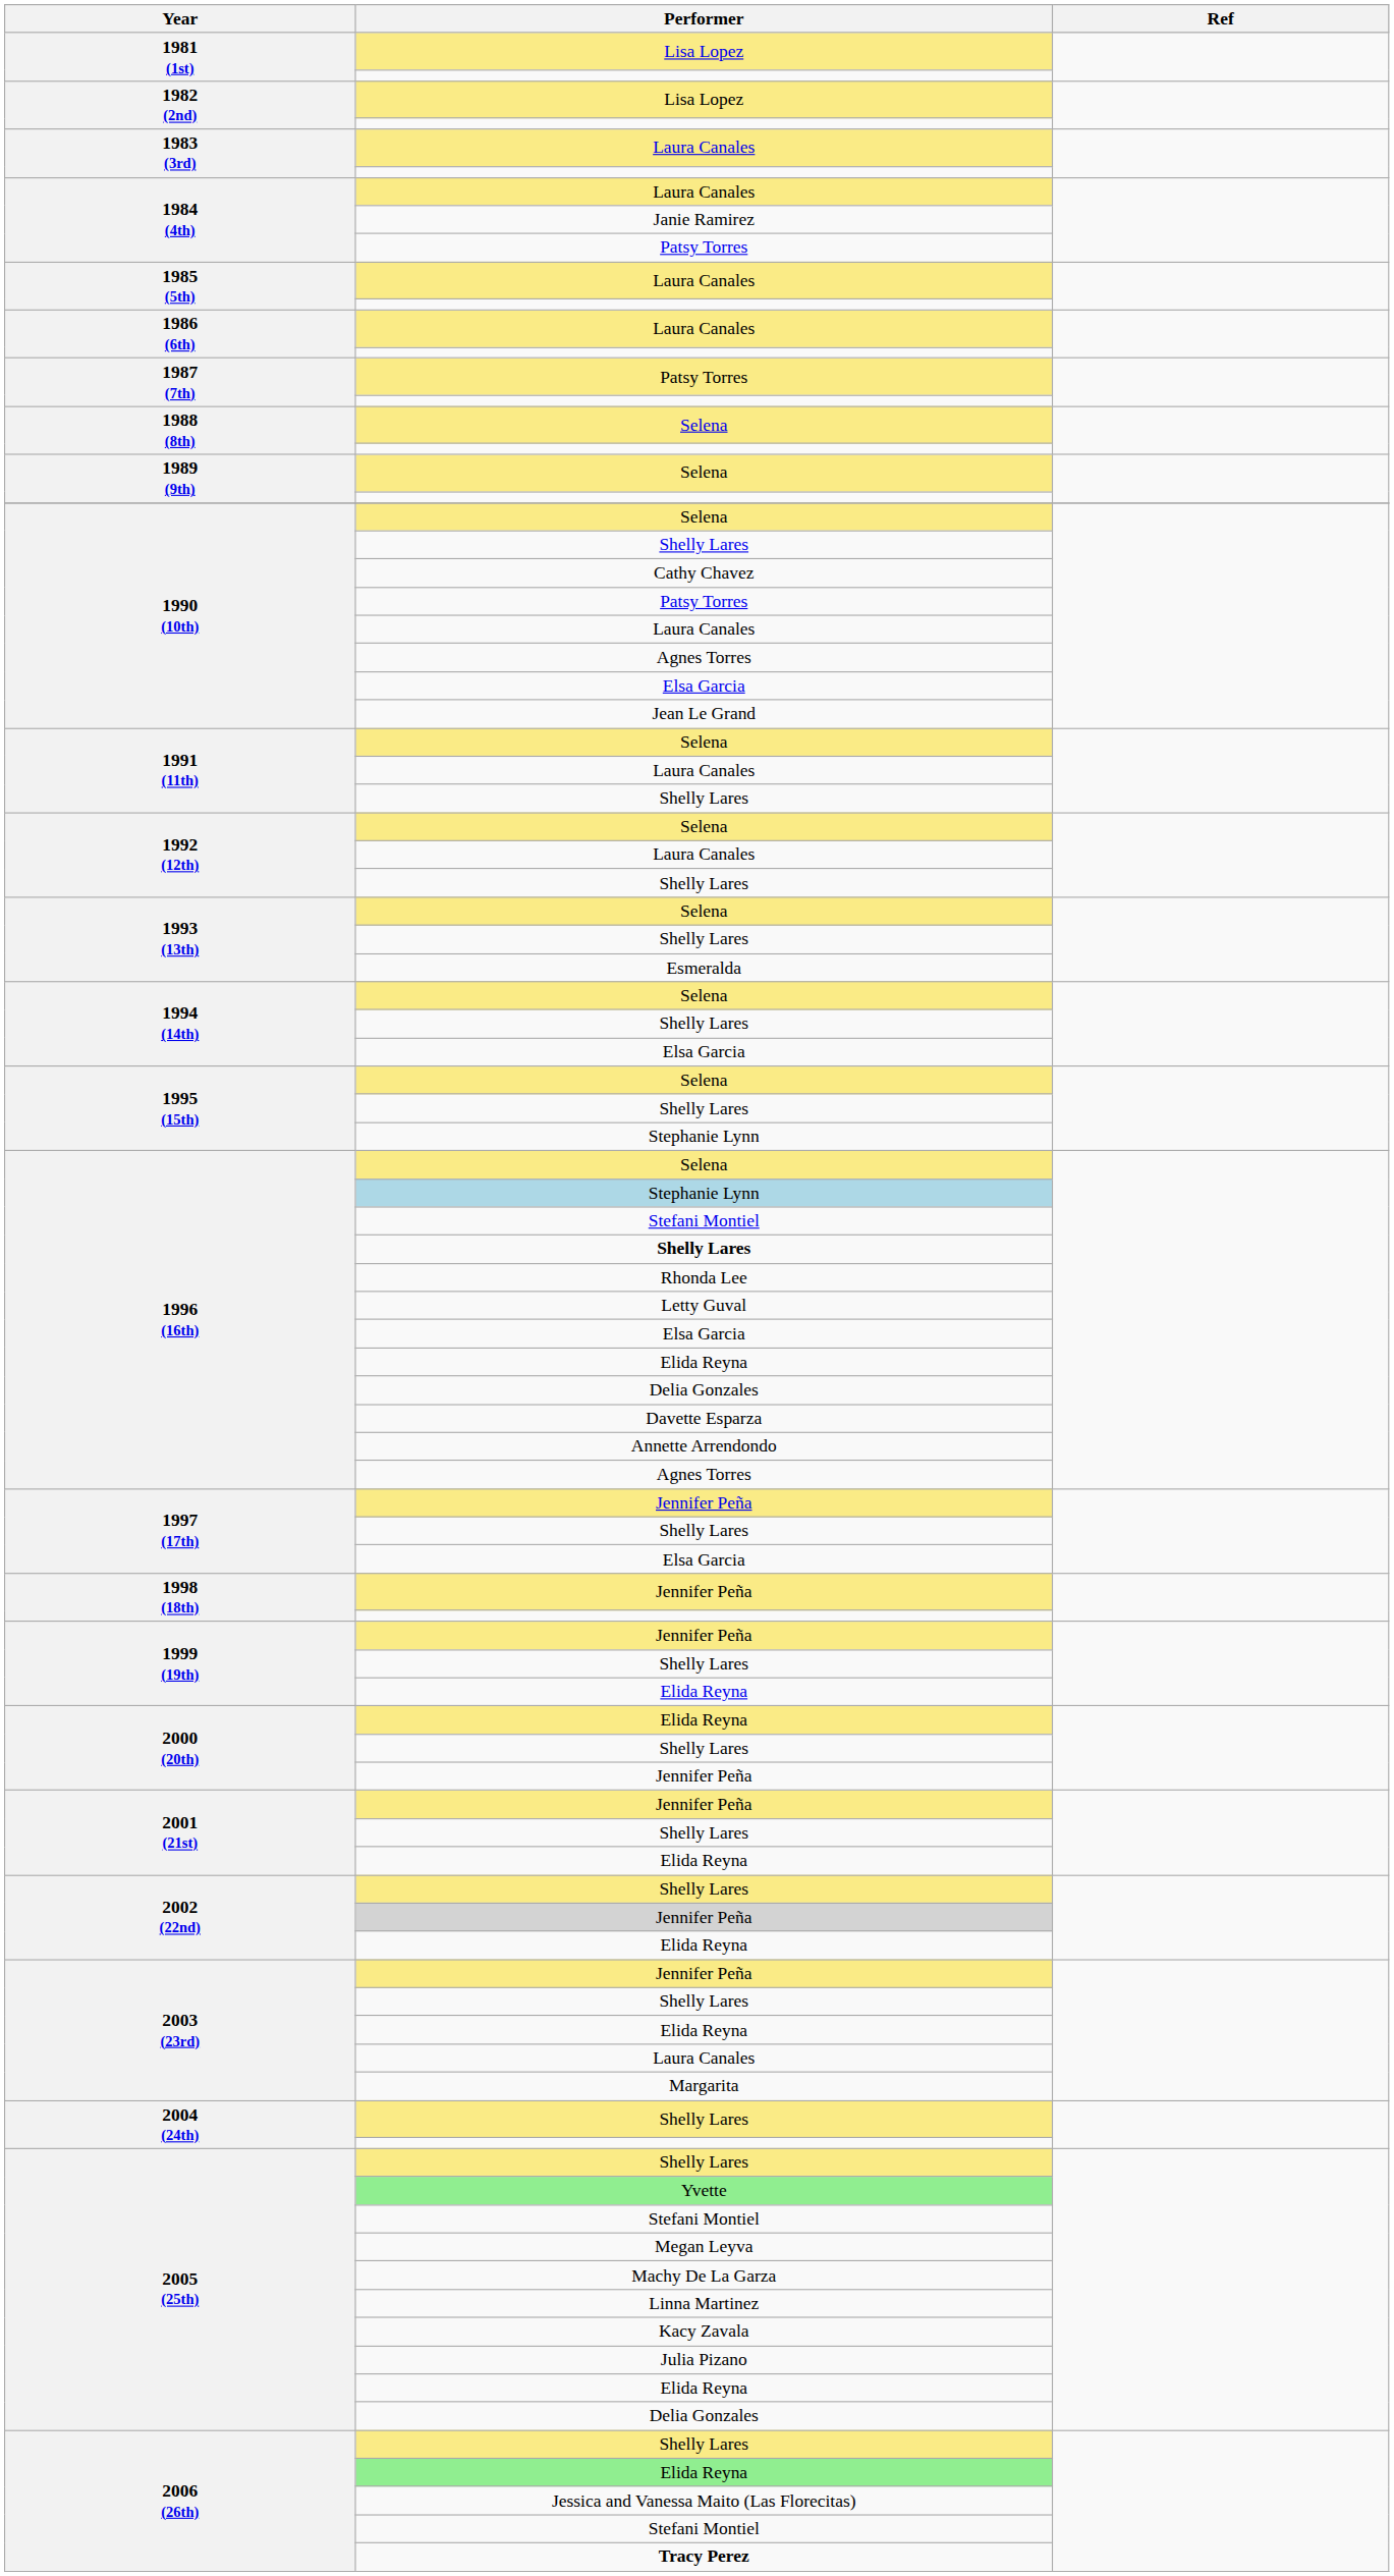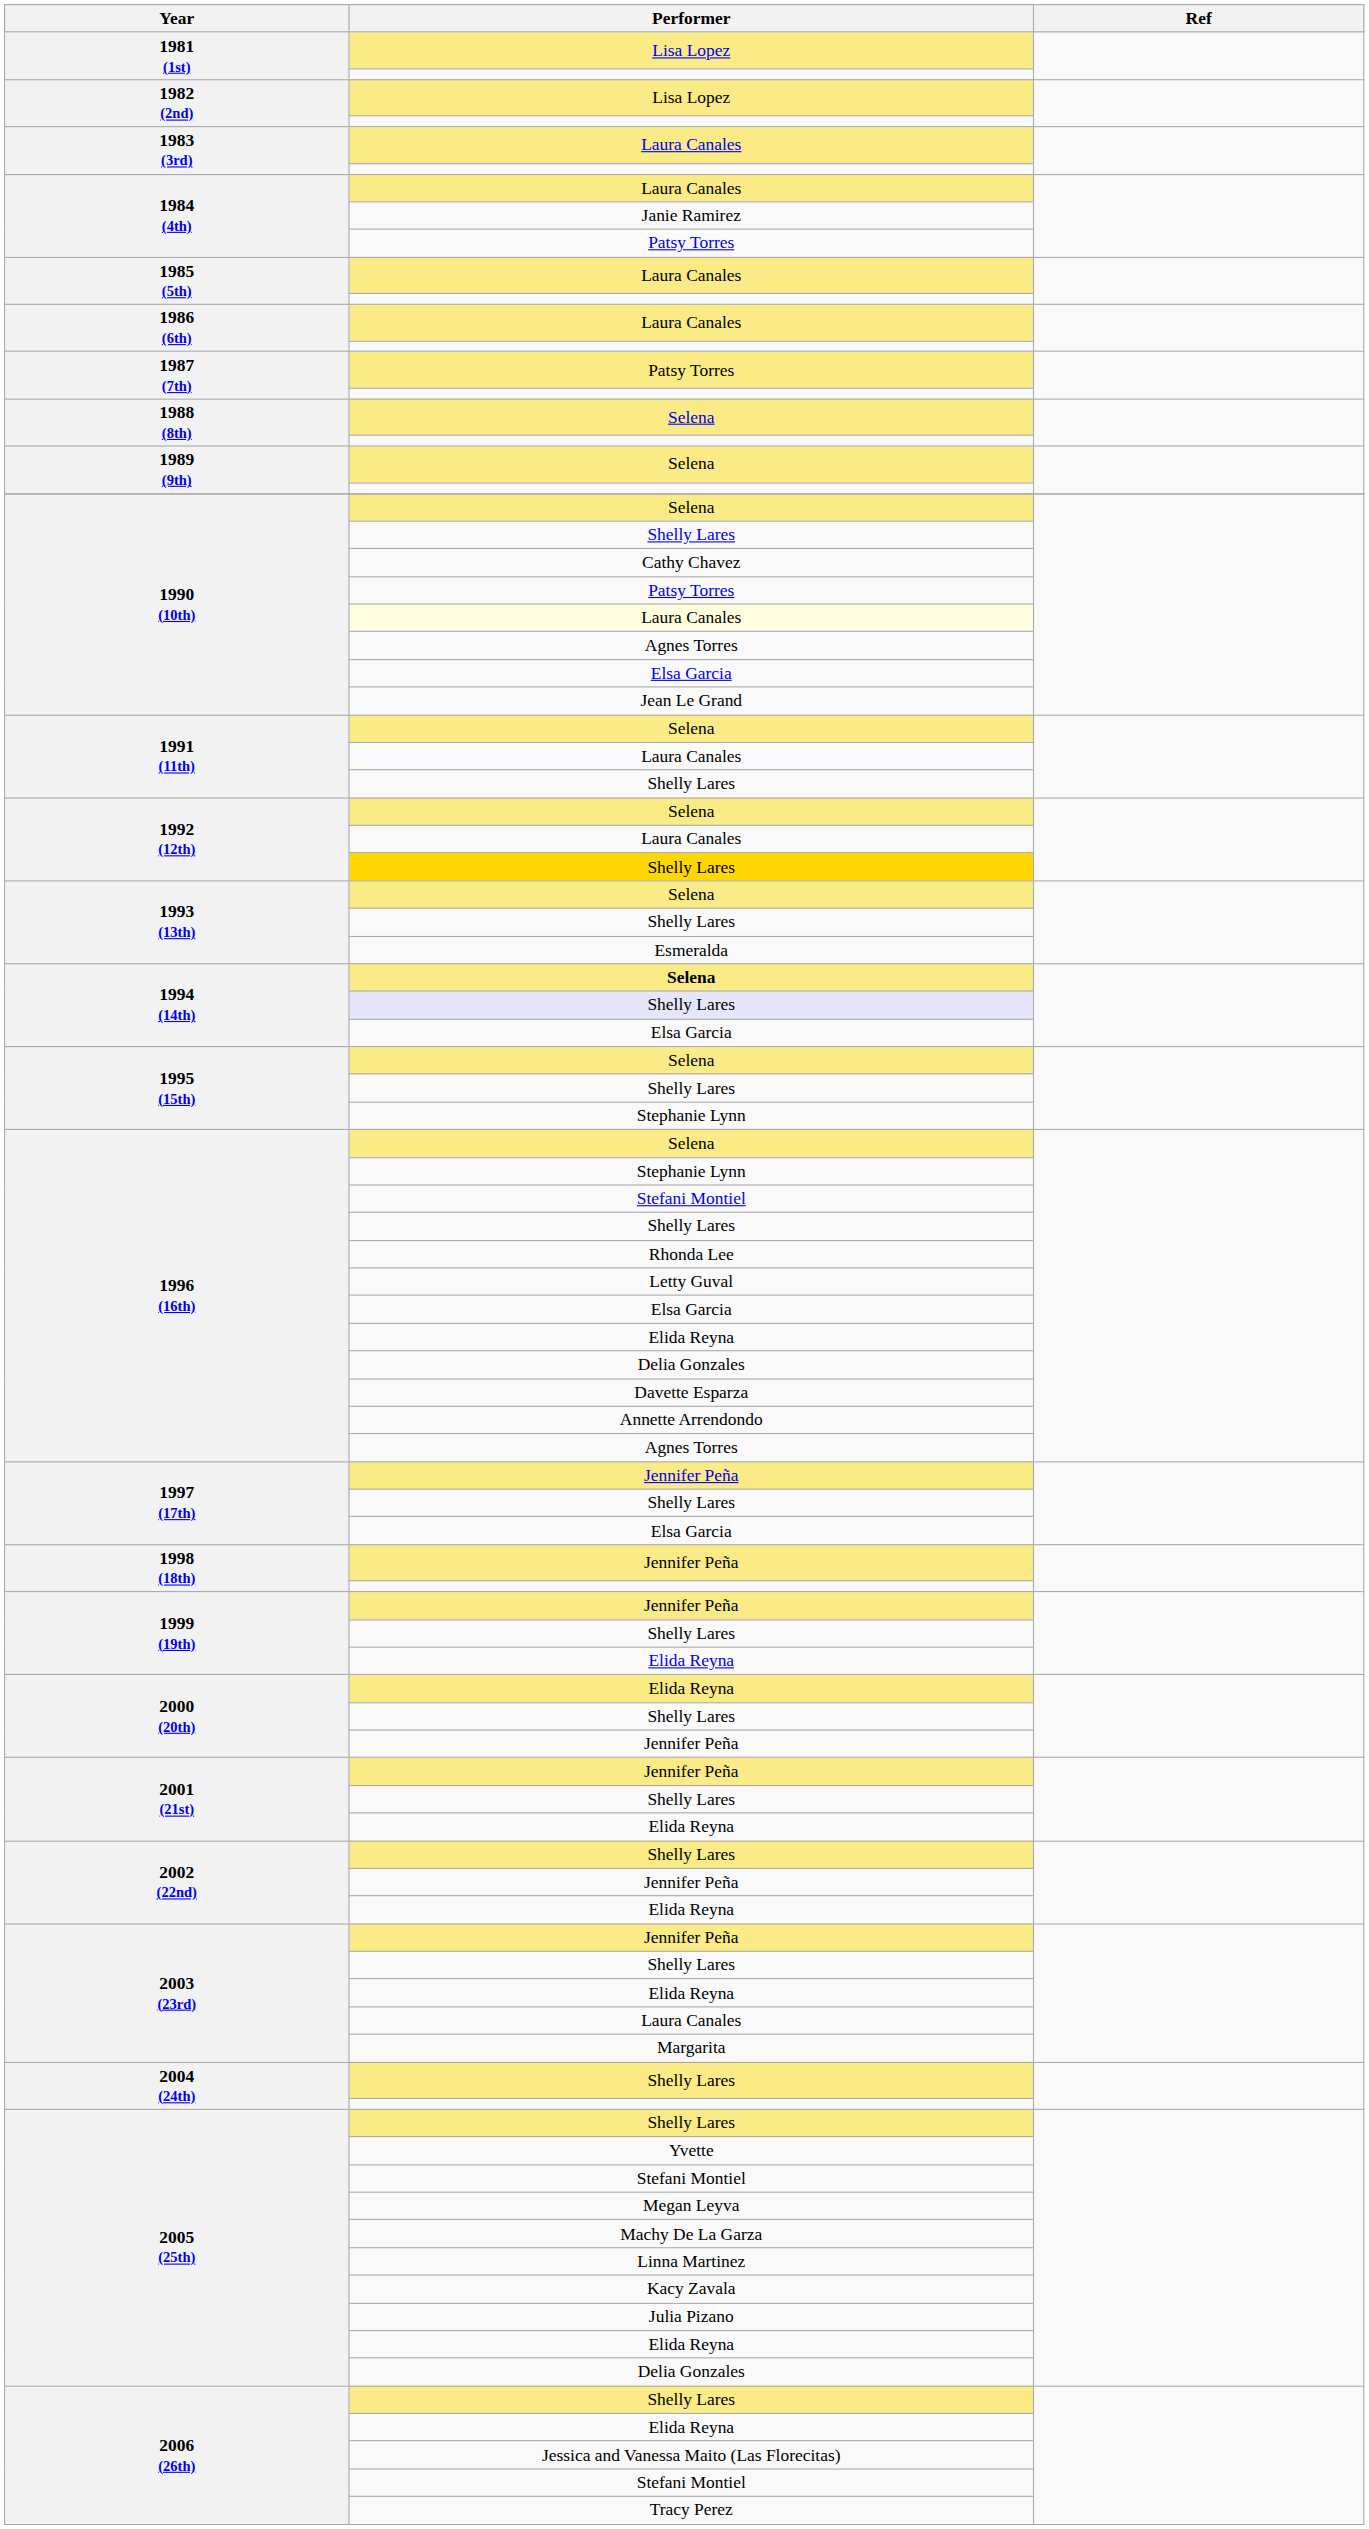 <table class="wikitable sortable" style="text-align:center;">
 <tr style="background:#bebebe;">
 <th scope="col" style="width:1%;">Year</th>
 <th scope="col" style="width:2%;">Performer</th>
 <th scope="col" style="width:1%;" class="unsortable">Ref</th>
 </tr>
 <tr>
 <th scope="row" rowspan=2>1981 <br><small><a href='#'>(1st)</a></small></th>
 <td style="background:#FAEB86"><a href='#'>Lisa Lopez</a></td>
 <td rowspan=2></td>
 </tr>
 <tr>
 <td></td>
 </tr>
 <tr>
 <th scope="row" rowspan=2>1982 <br><small><a href='#'>(2nd)</a></small></th>
 <td style="background:#FAEB86">Lisa Lopez</td>
 <td rowspan=2></td>
 </tr>
 <tr>
 <td></td>
 </tr>
 <tr>
 <th scope="row" rowspan=2>1983 <br><small><a href='#'>(3rd)</a></small></th>
 <td style="background:#FAEB86"><a href='#'>Laura Canales</a></td>
 <td rowspan=2></td>
 </tr>
 <tr>
 <td></td>
 </tr>
 <tr>
 <th scope="row" rowspan=3>1984 <br><small><a href='#'>(4th)</a></small></th>
 <td style="background:#FAEB86">Laura Canales</td>
 <td rowspan=3></td>
 </tr>
 <tr>
 <td>Janie Ramirez</td>
 </tr>
 <tr>
 <td><a href='#'>Patsy Torres</a></td>
 </tr>
 <tr>
 <th scope="row" rowspan=2>1985 <br><small><a href='#'>(5th)</a></small></th>
 <td style="background:#FAEB86">Laura Canales</td>
 <td rowspan=2></td>
 </tr>
 <tr>
 <td></td>
 </tr>
 <tr>
 <th scope="row" rowspan=2>1986 <br><small><a href='#'>(6th)</a></small></th>
 <td style="background:#FAEB86">Laura Canales</td>
 <td rowspan=2></td>
 </tr>
 <tr>
 <td></td>
 </tr>
 <tr>
 <th scope="row" rowspan=2>1987 <br><small><a href='#'>(7th)</a></small></th>
 <td style="background:#FAEB86">Patsy Torres</td>
 <td rowspan=2></td>
 </tr>
 <tr>
 <td></td>
 </tr>
 <tr>
 <th scope="row" rowspan=2>1988 <br><small><a href='#'>(8th)</a></small></th>
 <td style="background:#FAEB86"><a href='#'>Selena</a></td>
 <td rowspan=2></td>
 </tr>
 <tr>
 <td></td>
 </tr>
 <tr>
 <th scope="row" rowspan=2>1989 <br><small><a href='#'>(9th)</a></small></th>
 <td style="background:#FAEB86">Selena</td>
 <td rowspan=2></td>
 </tr>
 <tr>
 <td></td>
 </tr>
 <tr>
 </tr>
 <tr>
 <th scope="row" rowspan=8>1990 <br><small><a href='#'>(10th)</a></small></th>
 <td style="background:#FAEB86">Selena</td>
 <td rowspan=8></td>
 </tr>
 <tr>
 <td><a href='#'>Shelly Lares</a></td>
 </tr>
 <tr>
 <td>Cathy Chavez</td>
 </tr>
 <tr>
 <td><a href='#'>Patsy Torres</a></td>
 </tr>
 <tr>
-<td>Laura Canales</td>
+<td style="background: lightyellow;">Laura Canales</td>
 </tr>
 <tr>
 <td>Agnes Torres</td>
 </tr>
 <tr>
 <td><a href='#'>Elsa Garcia</a></td>
 </tr>
 <tr>
 <td>Jean Le Grand</td>
 </tr>
 <tr>
 <th scope="row" rowspan=3>1991 <br><small><a href='#'>(11th)</a></small></th>
 <td style="background:#FAEB86">Selena</td>
 <td rowspan=3></td>
 </tr>
 <tr>
 <td>Laura Canales</td>
 </tr>
 <tr>
 <td>Shelly Lares</td>
 </tr>
 <tr>
 <th scope="row" rowspan=3>1992 <br><small><a href='#'>(12th)</a></small></th>
 <td style="background:#FAEB86">Selena</td>
 <td rowspan=3></td>
 </tr>
 <tr>
 <td>Laura Canales</td>
 </tr>
 <tr>
-<td>Shelly Lares</td>
+<td style="background: gold;">Shelly Lares</td>
 </tr>
 <tr>
 <th scope="row" rowspan=3>1993 <br><small><a href='#'>(13th)</a></small></th>
 <td style="background:#FAEB86">Selena</td>
 <td rowspan=3></td>
 </tr>
 <tr>
 <td>Shelly Lares</td>
 </tr>
 <tr>
 <td>Esmeralda</td>
 </tr>
 <tr>
 <th scope="row" rowspan=3>1994 <br><small><a href='#'>(14th)</a></small></th>
-<td style="background:#FAEB86">Selena</td>
+<td style="background:#FAEB86"><strong>Selena</strong></td>
 <td rowspan=3></td>
 </tr>
 <tr>
-<td>Shelly Lares</td>
+<td style="background: lavender;">Shelly Lares</td>
 </tr>
 <tr>
 <td>Elsa Garcia</td>
 </tr>
 <tr>
 <th scope="row" rowspan=3>1995 <br><small><a href='#'>(15th)</a></small></th>
 <td style="background:#FAEB86">Selena</td>
 <td rowspan=3></td>
 </tr>
 <tr>
 <td>Shelly Lares</td>
 </tr>
 <tr>
 <td>Stephanie Lynn</td>
 </tr>
 <tr>
 <th scope="row" rowspan=12>1996 <br><small><a href='#'>(16th)</a></small></th>
 <td style="background:#FAEB86">Selena</td>
 <td rowspan=12></td>
 </tr>
 <tr>
-<td style="background: lightblue;">Stephanie Lynn</td>
+<td>Stephanie Lynn</td>
 </tr>
 <tr>
 <td><a href='#'>Stefani Montiel</a></td>
 </tr>
 <tr>
-<td><strong>Shelly Lares</strong></td>
+<td>Shelly Lares</td>
 </tr>
 <tr>
 <td>Rhonda Lee</td>
 </tr>
 <tr>
 <td>Letty Guval</td>
 </tr>
 <tr>
 <td>Elsa Garcia</td>
 </tr>
 <tr>
 <td>Elida Reyna</td>
 </tr>
 <tr>
 <td>Delia Gonzales</td>
 </tr>
 <tr>
 <td>Davette Esparza</td>
 </tr>
 <tr>
 <td>Annette Arrendondo</td>
 </tr>
 <tr>
 <td>Agnes Torres</td>
 </tr>
 <tr>
 <th scope="row" rowspan=3>1997 <br><small><a href='#'>(17th)</a></small></th>
 <td style="background:#FAEB86"><a href='#'>Jennifer Peña</a></td>
 <td rowspan=3></td>
 </tr>
 <tr>
 <td>Shelly Lares</td>
 </tr>
 <tr>
 <td>Elsa Garcia</td>
 </tr>
 <tr>
 <th scope="row" rowspan=2>1998 <br><small><a href='#'>(18th)</a></small></th>
 <td style="background:#FAEB86">Jennifer Peña</td>
 <td rowspan=2></td>
 </tr>
 <tr>
 <td></td>
 </tr>
 <tr>
 <th scope="row" rowspan=3>1999 <br><small><a href='#'>(19th)</a></small></th>
 <td style="background:#FAEB86">Jennifer Peña</td>
 <td rowspan=3></td>
 </tr>
 <tr>
 <td>Shelly Lares</td>
 </tr>
 <tr>
 <td><a href='#'>Elida Reyna</a></td>
 </tr>
 <tr>
 <th scope="row" rowspan=3>2000 <br><small><a href='#'>(20th)</a></small></th>
 <td style="background:#FAEB86">Elida Reyna</td>
 <td rowspan=3></td>
 </tr>
 <tr>
 <td>Shelly Lares</td>
 </tr>
 <tr>
 <td>Jennifer Peña</td>
 </tr>
 <tr>
 <th scope="row" rowspan=3>2001 <br><small><a href='#'>(21st)</a></small></th>
 <td style="background:#FAEB86">Jennifer Peña</td>
 <td rowspan=3></td>
 </tr>
 <tr>
 <td>Shelly Lares</td>
 </tr>
 <tr>
 <td>Elida Reyna</td>
 </tr>
 <tr>
 <th scope="row" rowspan=3>2002 <br><small><a href='#'>(22nd)</a></small></th>
 <td style="background:#FAEB86">Shelly Lares</td>
 <td rowspan=3></td>
 </tr>
 <tr>
-<td style="background: lightgrey;">Jennifer Peña</td>
+<td>Jennifer Peña</td>
 </tr>
 <tr>
 <td>Elida Reyna</td>
 </tr>
 <tr>
 <th scope="row" rowspan=5>2003 <br><small><a href='#'>(23rd)</a></small></th>
 <td style="background:#FAEB86">Jennifer Peña</td>
 <td rowspan=5></td>
 </tr>
 <tr>
 <td>Shelly Lares</td>
 </tr>
 <tr>
 <td>Elida Reyna</td>
 </tr>
 <tr>
 <td>Laura Canales</td>
 </tr>
 <tr>
 <td>Margarita</td>
 </tr>
 <tr>
 <th scope="row" rowspan=2>2004 <br><small><a href='#'>(24th)</a></small></th>
 <td style="background:#FAEB86">Shelly Lares</td>
 <td rowspan=2></td>
 </tr>
 <tr>
 <td></td>
 </tr>
 <tr>
 <th scope="row" rowspan=10>2005 <br><small><a href='#'>(25th)</a></small></th>
 <td style="background:#FAEB86">Shelly Lares</td>
 <td rowspan=10></td>
 </tr>
 <tr>
-<td style="background: lightgreen;">Yvette</td>
+<td>Yvette</td>
 </tr>
 <tr>
 <td>Stefani Montiel</td>
 </tr>
 <tr>
 <td>Megan Leyva</td>
 </tr>
 <tr>
 <td>Machy De La Garza</td>
 </tr>
 <tr>
 <td>Linna Martinez</td>
 </tr>
 <tr>
 <td>Kacy Zavala</td>
 </tr>
 <tr>
 <td>Julia Pizano</td>
 </tr>
 <tr>
 <td>Elida Reyna</td>
 </tr>
 <tr>
 <td>Delia Gonzales</td>
 </tr>
 <tr>
 <th scope="row" rowspan=5>2006 <br><small><a href='#'>(26th)</a></small></th>
 <td style="background:#FAEB86">Shelly Lares</td>
 <td rowspan=5></td>
 </tr>
 <tr>
-<td style="background: lightgreen;">Elida Reyna</td>
+<td>Elida Reyna</td>
 </tr>
 <tr>
 <td>Jessica and Vanessa Maito (Las Florecitas)</td>
 </tr>
 <tr>
 <td>Stefani Montiel</td>
 </tr>
 <tr>
-<td><strong>Tracy Perez</strong></td>
+<td>Tracy Perez</td>
 </tr>
 <tr>
 </tr>
 </table>
